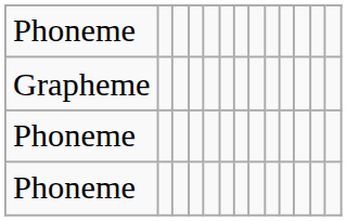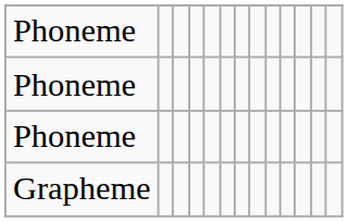 <table class="wikitable">
 <tr>
 <td>Phoneme</td>
-<td></td>
-<td></td>
-<td></td>
-<td></td>
-<td></td>
-<td></td>
-<td></td>
-<td></td>
-<td></td>
-<td></td>
-<td></td>
-<td></td>
-</tr>
-<tr>
-<td>Grapheme</td>
 <td></td>
 <td></td>
 <td></td>
 <td></td>
 <td></td>
 <td></td>
 <td></td>
 <td></td>
 <td></td>
 <td></td>
 <td></td>
 <td></td>
 </tr>
 <tr>
 <td>Phoneme</td>
 <td></td>
 <td></td>
 <td></td>
 <td></td>
 <td></td>
 <td></td>
 <td></td>
 <td></td>
 <td></td>
 <td></td>
 <td></td>
 <td></td>
 </tr>
 <tr>
 <td>Phoneme</td>
 <td></td>
 <td></td>
 <td></td>
 <td></td>
 <td></td>
 <td></td>
 <td></td>
 <td></td>
 <td></td>
 <td></td>
 <td></td>
 <td></td>
 </tr>
+<tr>
+<td>Grapheme</td>
+<td></td>
+<td></td>
+<td></td>
+<td></td>
+<td></td>
+<td></td>
+<td></td>
+<td></td>
+<td></td>
+<td></td>
+<td></td>
+<td></td>
+</tr>
 </table>
